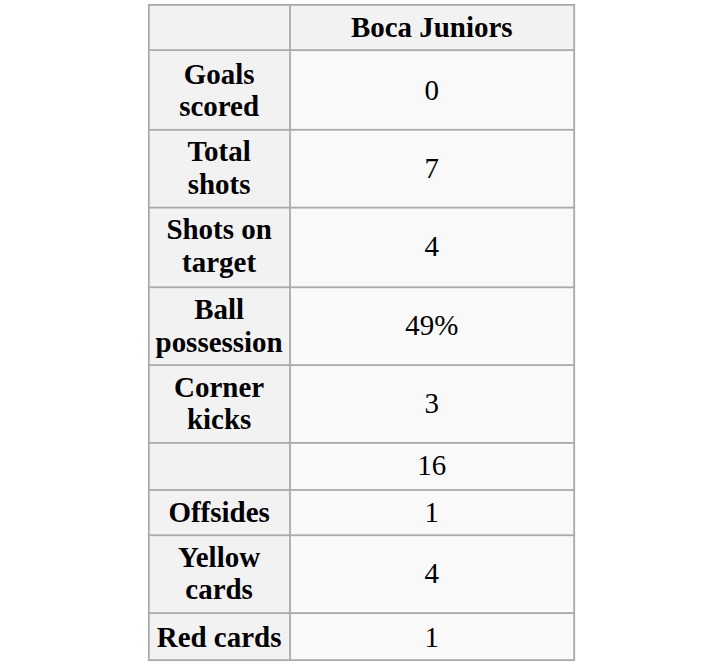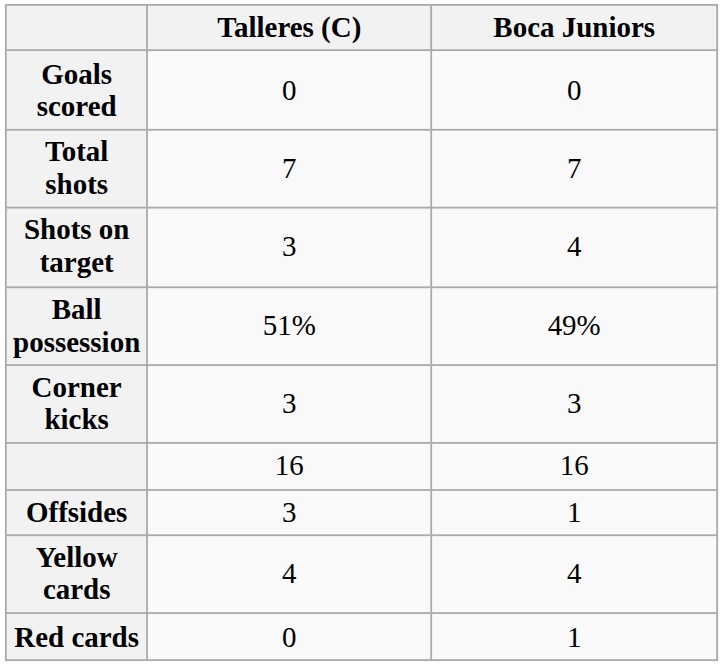 <table class="wikitable" style="text-align: center; margin: 0 auto;">
 <tr>
 <th scope="col" style="width:70px"></th>
+<th scope="col" style="width:150px">Talleres (C)</th>
 <th scope="col" style="width:150px">Boca Juniors</th>
 </tr>
 <tr>
 <th scope=row>Goals scored</th>
 <td>0</td>
+<td>0</td>
 </tr>
 <tr>
 <th scope=row>Total shots</th>
 <td>7</td>
+<td>7</td>
 </tr>
 <tr>
 <th scope=row>Shots on target</th>
+<td>3</td>
 <td>4</td>
 </tr>
 <tr>
 <th scope=row>Ball possession</th>
+<td>51%</td>
 <td>49%</td>
 </tr>
 <tr>
 <th scope=row>Corner kicks</th>
 <td>3</td>
+<td>3</td>
 </tr>
 <tr>
 <th scope=row></th>
 <td>16</td>
+<td>16</td>
 </tr>
 <tr>
 <th scope=row>Offsides</th>
+<td>3</td>
 <td>1</td>
 </tr>
 <tr>
 <th scope=row>Yellow cards</th>
 <td>4</td>
+<td>4</td>
 </tr>
 <tr>
 <th scope=row>Red cards</th>
+<td>0</td>
 <td>1</td>
 </tr>
 </table>
